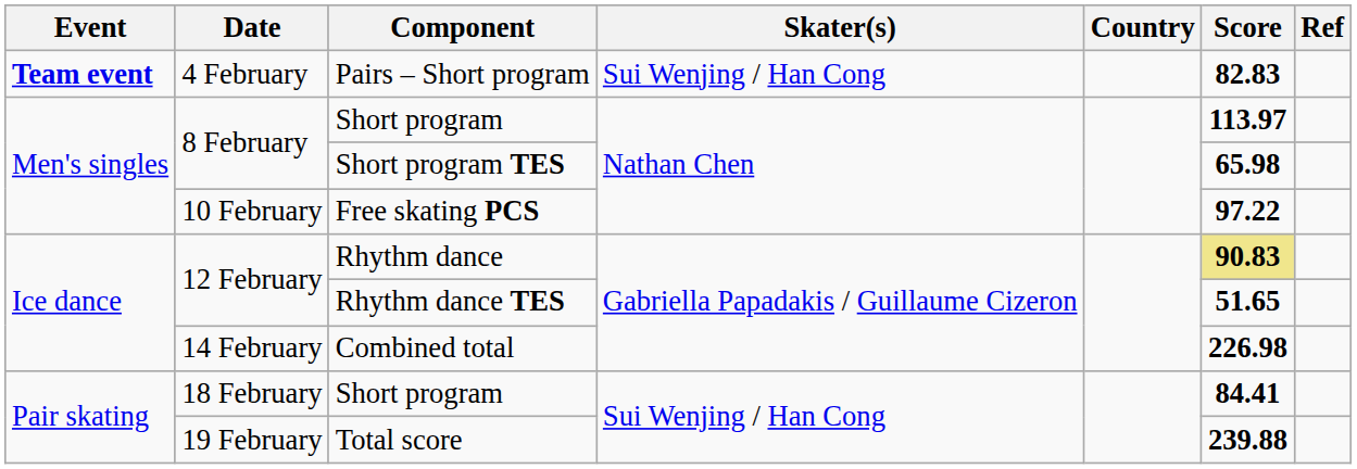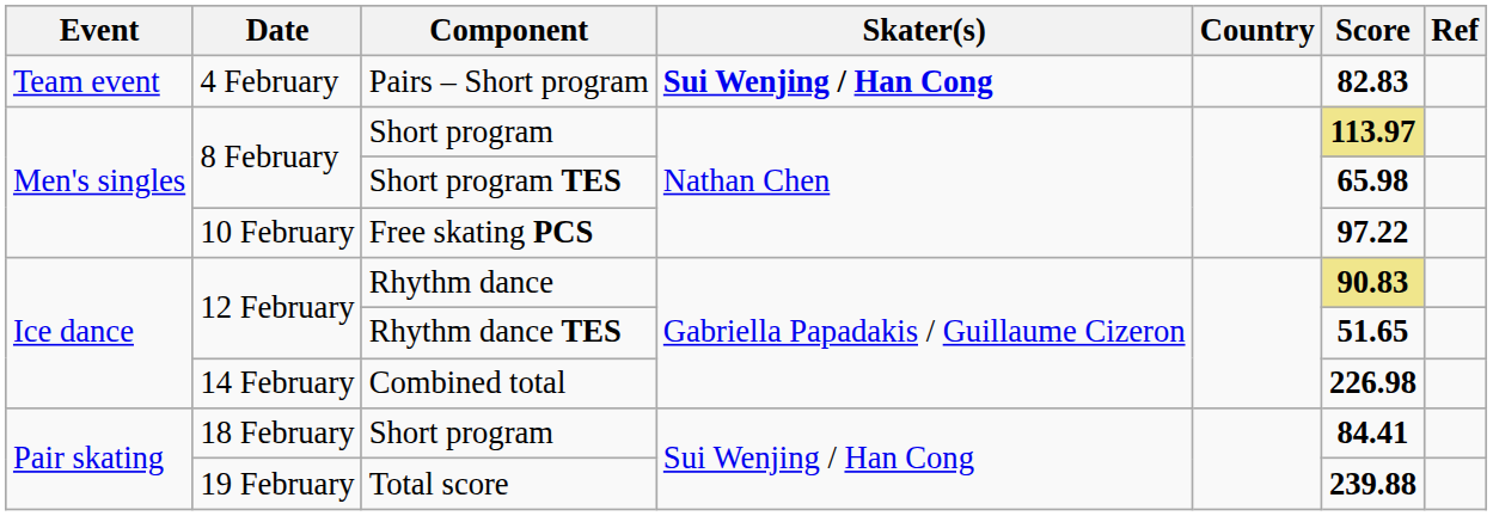 <table class="wikitable sortable">
 <tr>
 <th>Event</th>
 <th>Date</th>
 <th>Component</th>
 <th>Skater(s)</th>
 <th>Country</th>
 <th>Score</th>
 <th>Ref</th>
 </tr>
 <tr>
-<td><strong><a href='#'>Team event</a></strong></td>
+<td><a href='#'>Team event</a></td>
 <td>4 February</td>
 <td>Pairs – Short program</td>
-<td><a href='#'>Sui Wenjing</a> / <a href='#'>Han Cong</a></td>
+<td><strong><a href='#'>Sui Wenjing</a> / <a href='#'>Han Cong</a></strong></td>
 <td></td>
 <td align=center><strong>82.83</strong></td>
 <td></td>
 </tr>
 <tr>
 <td rowspan=3><a href='#'>Men's singles</a></td>
 <td rowspan=2>8 February</td>
 <td>Short program</td>
 <td rowspan=3><a href='#'>Nathan Chen</a></td>
 <td rowspan=3></td>
-<td align=center><strong>113.97</strong></td>
+<td align=center style="background: khaki;"><strong>113.97</strong></td>
 <td></td>
 </tr>
 <tr>
 <td>Short program <strong>TES</strong></td>
 <td align=center><strong>65.98</strong></td>
 <td></td>
 </tr>
 <tr>
 <td>10 February</td>
 <td>Free skating <strong>PCS</strong></td>
 <td align=center><strong>97.22</strong></td>
 <td></td>
 </tr>
 <tr>
 <td rowspan=3><a href='#'>Ice dance</a></td>
 <td rowspan=2>12 February</td>
 <td>Rhythm dance</td>
 <td rowspan=3><a href='#'>Gabriella Papadakis</a> / <a href='#'>Guillaume Cizeron</a></td>
 <td rowspan=3></td>
 <td align=center style="background: khaki;"><strong>90.83</strong></td>
 <td></td>
 </tr>
 <tr>
 <td>Rhythm dance <strong>TES</strong></td>
 <td align=center><strong>51.65</strong></td>
 <td></td>
 </tr>
 <tr>
 <td>14 February</td>
 <td>Combined total</td>
 <td align=center><strong>226.98</strong></td>
 <td></td>
 </tr>
 <tr>
 <td rowspan=2><a href='#'>Pair skating</a></td>
 <td>18 February</td>
 <td>Short program</td>
 <td rowspan=2><a href='#'>Sui Wenjing</a> / <a href='#'>Han Cong</a></td>
 <td rowspan=2></td>
 <td align=center><strong>84.41</strong></td>
 <td></td>
 </tr>
 <tr>
 <td>19 February</td>
 <td>Total score</td>
 <td align=center><strong>239.88</strong></td>
 <td></td>
 </tr>
 </table>
